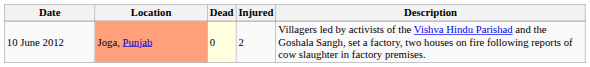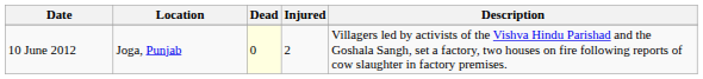 <table class="wikitable sortable">
 <tr>
 <th scope="col" style="width: 8rem;">Date</th>
 <th scope="col" style="width: 10rem;">Location</th>
 <th data-sort-type="number">Dead</th>
 <th data-sort-type="number">Injured</th>
 <th class="unsortable">Description</th>
 </tr>
 <tr>
 </tr>
 <tr>
 <td>10 June 2012</td>
-<td style="background: lightsalmon;">Joga, <a href='#'>Punjab</a></td>
+<td>Joga, <a href='#'>Punjab</a></td>
 <td style="background: lightyellow;">0</td>
 <td>2</td>
 <td>Villagers led by activists of the <a href='#'>Vishva Hindu Parishad</a> and the Goshala Sangh, set a factory, two houses on fire following reports of cow slaughter in factory premises.</td>
 </tr>
 </table>
